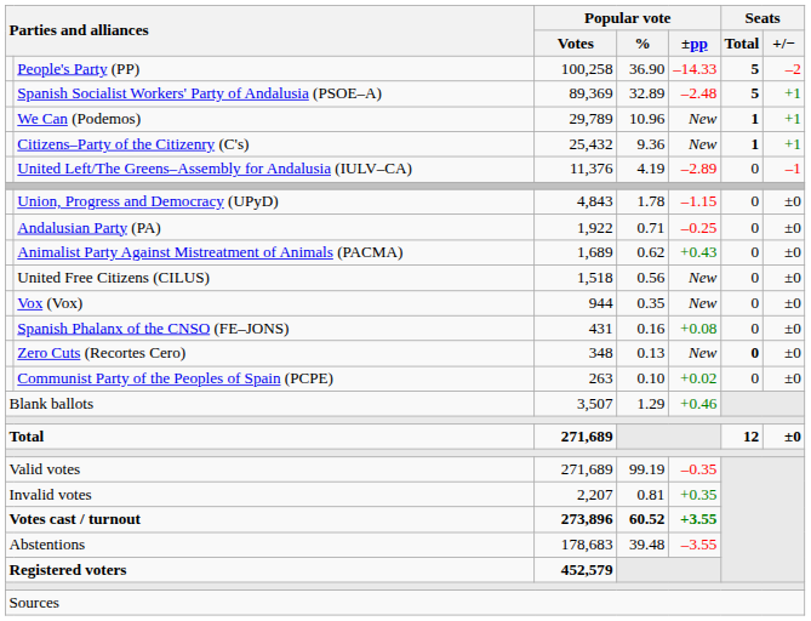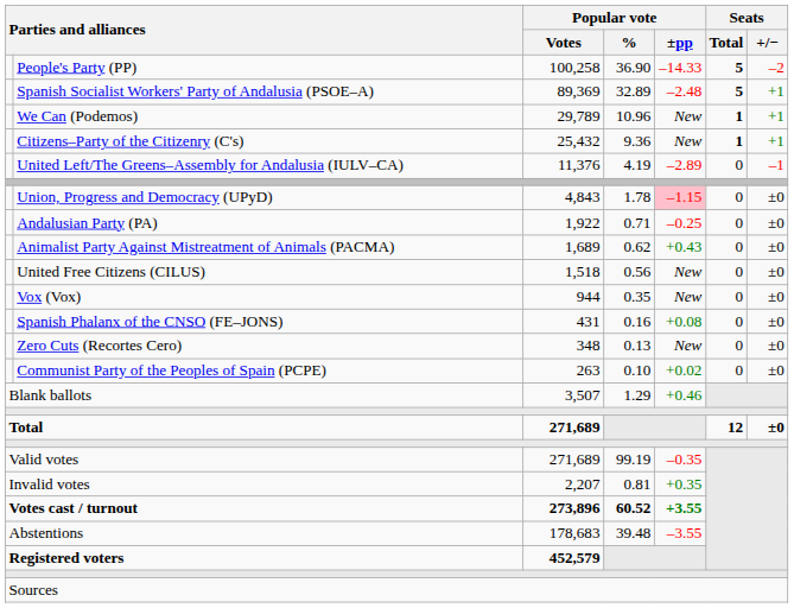 <table class="wikitable" style="text-align:right;">
 <tr>
 <th style="text-align:left;" rowspan="2" colspan="2" width="525">Parties and alliances</th>
 <th colspan="3">Popular vote</th>
 <th colspan="2">Seats</th>
 </tr>
 <tr>
 <th width="75">Votes</th>
 <th width="45">%</th>
 <th width="45">±<a href='#'>pp</a></th>
 <th width="35">Total</th>
 <th width="35">+/−</th>
 </tr>
 <tr>
 <td width="1" style="color:inherit;background:"></td>
 <td align="left"><a href='#'>People's Party</a> (PP)</td>
 <td>100,258</td>
 <td>36.90</td>
 <td style="color:red;">–14.33</td>
 <td><strong>5</strong></td>
 <td style="color:red;">–2</td>
 </tr>
 <tr>
 <td style="color:inherit;background:"></td>
 <td align="left"><a href='#'>Spanish Socialist Workers' Party of Andalusia</a> (PSOE–A)</td>
 <td>89,369</td>
 <td>32.89</td>
 <td style="color:red;">–2.48</td>
 <td><strong>5</strong></td>
 <td style="color:green;">+1</td>
 </tr>
 <tr>
 <td style="color:inherit;background:"></td>
 <td align="left"><a href='#'>We Can</a> (Podemos)</td>
 <td>29,789</td>
 <td>10.96</td>
 <td><em>New</em></td>
 <td><strong>1</strong></td>
 <td style="color:green;">+1</td>
 </tr>
 <tr>
 <td style="color:inherit;background:"></td>
 <td align="left"><a href='#'>Citizens–Party of the Citizenry</a> (C's)</td>
 <td>25,432</td>
 <td>9.36</td>
 <td><em>New</em></td>
 <td><strong>1</strong></td>
 <td style="color:green;">+1</td>
 </tr>
 <tr>
 <td style="color:inherit;background:"></td>
 <td align="left"><a href='#'>United Left/The Greens–Assembly for Andalusia</a> (IULV–CA)</td>
 <td>11,376</td>
 <td>4.19</td>
 <td style="color:red;">–2.89</td>
 <td>0</td>
 <td style="color:red;">–1</td>
 </tr>
 <tr>
 <td colspan="7" bgcolor="#C0C0C0"></td>
 </tr>
 <tr>
 <td style="color:inherit;background:"></td>
 <td align="left"><a href='#'>Union, Progress and Democracy</a> (UPyD)</td>
 <td>4,843</td>
 <td>1.78</td>
-<td style="color:red;">–1.15</td>
+<td style="background: pink; color:red;">–1.15</td>
 <td>0</td>
 <td>±0</td>
 </tr>
 <tr>
 <td style="color:inherit;background:"></td>
 <td align="left"><a href='#'>Andalusian Party</a> (PA)</td>
 <td>1,922</td>
 <td>0.71</td>
 <td style="color:red;">–0.25</td>
 <td>0</td>
 <td>±0</td>
 </tr>
 <tr>
 <td style="color:inherit;background:"></td>
 <td align="left"><a href='#'>Animalist Party Against Mistreatment of Animals</a> (PACMA)</td>
 <td>1,689</td>
 <td>0.62</td>
 <td style="color:green;">+0.43</td>
 <td>0</td>
 <td>±0</td>
 </tr>
 <tr>
 <td style="color:inherit;background:"></td>
 <td align="left">United Free Citizens (CILUS)</td>
 <td>1,518</td>
 <td>0.56</td>
 <td><em>New</em></td>
 <td>0</td>
 <td>±0</td>
 </tr>
 <tr>
 <td style="color:inherit;background:"></td>
 <td align="left"><a href='#'>Vox</a> (Vox)</td>
 <td>944</td>
 <td>0.35</td>
 <td><em>New</em></td>
 <td>0</td>
 <td>±0</td>
 </tr>
 <tr>
 <td style="color:inherit;background:"></td>
 <td align="left"><a href='#'>Spanish Phalanx of the CNSO</a> (FE–JONS)</td>
 <td>431</td>
 <td>0.16</td>
 <td style="color:green;">+0.08</td>
 <td>0</td>
 <td>±0</td>
 </tr>
 <tr>
 <td style="color:inherit;background:"></td>
 <td align="left"><a href='#'>Zero Cuts</a> (Recortes Cero)</td>
 <td>348</td>
 <td>0.13</td>
 <td><em>New</em></td>
-<td><strong>0</strong></td>
+<td>0</td>
 <td>±0</td>
 </tr>
 <tr>
 <td style="color:inherit;background:"></td>
 <td align="left"><a href='#'>Communist Party of the Peoples of Spain</a> (PCPE)</td>
 <td>263</td>
 <td>0.10</td>
 <td style="color:green;">+0.02</td>
 <td>0</td>
 <td>±0</td>
 </tr>
 <tr>
 <td align="left" colspan="2">Blank ballots</td>
 <td>3,507</td>
 <td>1.29</td>
 <td style="color:green;">+0.46</td>
 <td bgcolor="#E9E9E9" colspan="2"></td>
 </tr>
 <tr>
 <td colspan="7" bgcolor="#E9E9E9"></td>
 </tr>
 <tr style="font-weight:bold;">
 <td align="left" colspan="2">Total</td>
 <td>271,689</td>
 <td bgcolor="#E9E9E9" colspan="2"></td>
 <td>12</td>
 <td>±0</td>
 </tr>
 <tr>
 <td colspan="7" bgcolor="#E9E9E9"></td>
 </tr>
 <tr>
 <td align="left" colspan="2">Valid votes</td>
 <td>271,689</td>
 <td>99.19</td>
 <td style="color:red;">–0.35</td>
 <td bgcolor="#E9E9E9" colspan="2" rowspan="5"></td>
 </tr>
 <tr>
 <td align="left" colspan="2">Invalid votes</td>
 <td>2,207</td>
 <td>0.81</td>
 <td style="color:green;">+0.35</td>
 </tr>
 <tr style="font-weight:bold;">
 <td align="left" colspan="2">Votes cast / turnout</td>
 <td>273,896</td>
 <td>60.52</td>
 <td style="color:green;">+3.55</td>
 </tr>
 <tr>
 <td align="left" colspan="2">Abstentions</td>
 <td>178,683</td>
 <td>39.48</td>
 <td style="color:red;">–3.55</td>
 </tr>
 <tr style="font-weight:bold;">
 <td align="left" colspan="2">Registered voters</td>
 <td>452,579</td>
 <td style="background:#e9e9e9;" colspan="2"></td>
 </tr>
 <tr>
 <td colspan="7" bgcolor="#E9E9E9"></td>
 </tr>
 <tr>
 <td align="left" colspan="7">Sources</td>
 </tr>
 </table>
